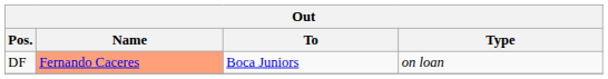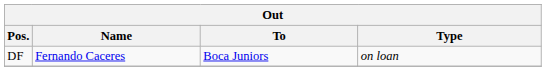 <table class="wikitable" style="font-size:90%;width:99%;">
 <tr>
 <th colspan="4">Out</th>
 </tr>
 <tr>
 <th width=3%>Pos.</th>
 <th width=32%>Name</th>
 <th width=30%>To</th>
 <th width=35%>Type</th>
 </tr>
 <tr>
 <td>DF</td>
-<td style="background: lightsalmon;"><a href='#'>Fernando Caceres</a></td>
+<td><a href='#'>Fernando Caceres</a></td>
 <td><a href='#'>Boca Juniors</a></td>
 <td><em>on loan</em></td>
 </tr>
 <tr>
 </tr>
 </table>
